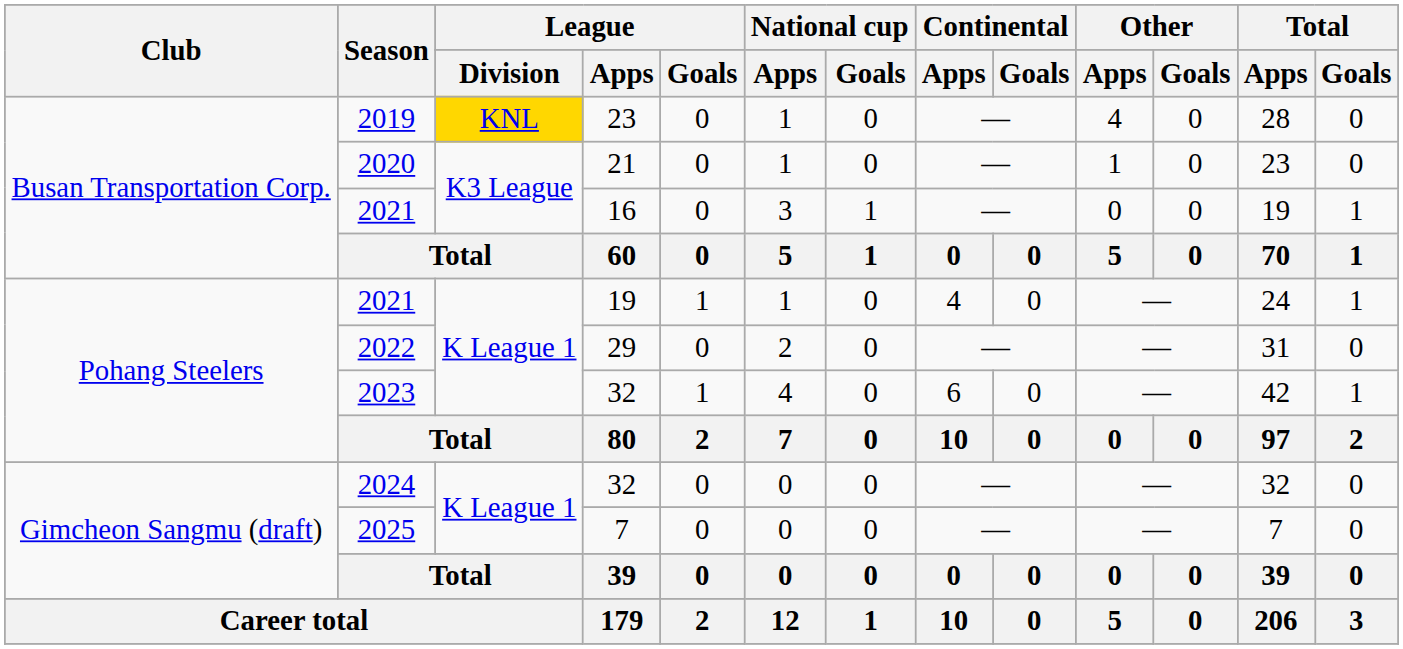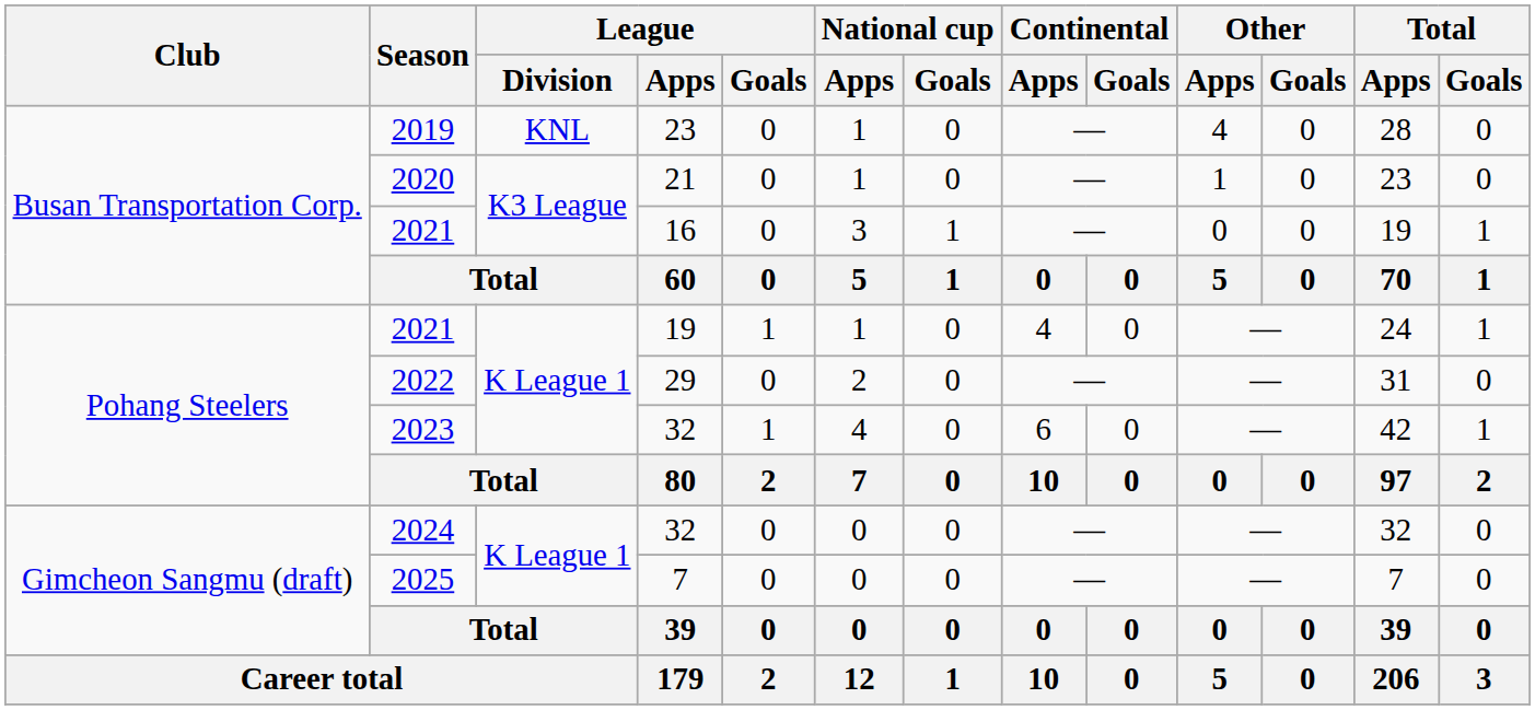 <table class="wikitable" style="text-align: center">
 <tr>
 <th rowspan="2">Club</th>
 <th rowspan="2">Season</th>
 <th colspan="3">League</th>
 <th colspan="2">National cup</th>
 <th colspan="2">Continental</th>
 <th colspan="2">Other</th>
 <th colspan="2">Total</th>
 </tr>
 <tr>
 <th>Division</th>
 <th>Apps</th>
 <th>Goals</th>
 <th>Apps</th>
 <th>Goals</th>
 <th>Apps</th>
 <th>Goals</th>
 <th>Apps</th>
 <th>Goals</th>
 <th>Apps</th>
 <th>Goals</th>
 </tr>
 <tr>
 <td rowspan="4"><a href='#'>Busan Transportation Corp.</a></td>
 <td><a href='#'>2019</a></td>
-<td style="background: gold;"><a href='#'>KNL</a></td>
+<td><a href='#'>KNL</a></td>
 <td>23</td>
 <td>0</td>
 <td>1</td>
 <td>0</td>
 <td colspan="2">—</td>
 <td>4</td>
 <td>0</td>
 <td>28</td>
 <td>0</td>
 </tr>
 <tr>
 <td><a href='#'>2020</a></td>
 <td rowspan="2"><a href='#'>K3 League</a></td>
 <td>21</td>
 <td>0</td>
 <td>1</td>
 <td>0</td>
 <td colspan="2">—</td>
 <td>1</td>
 <td>0</td>
 <td>23</td>
 <td>0</td>
 </tr>
 <tr>
 <td><a href='#'>2021</a></td>
 <td>16</td>
 <td>0</td>
 <td>3</td>
 <td>1</td>
 <td colspan="2">—</td>
 <td>0</td>
 <td>0</td>
 <td>19</td>
 <td>1</td>
 </tr>
 <tr>
 <th colspan=2>Total</th>
 <th>60</th>
 <th>0</th>
 <th>5</th>
 <th>1</th>
 <th>0</th>
 <th>0</th>
 <th>5</th>
 <th>0</th>
 <th>70</th>
 <th>1</th>
 </tr>
 <tr>
 <td rowspan="4"><a href='#'>Pohang Steelers</a></td>
 <td><a href='#'>2021</a></td>
 <td rowspan="3"><a href='#'>K League 1</a></td>
 <td>19</td>
 <td>1</td>
 <td>1</td>
 <td>0</td>
 <td>4</td>
 <td>0</td>
 <td colspan="2">—</td>
 <td>24</td>
 <td>1</td>
 </tr>
 <tr>
 <td><a href='#'>2022</a></td>
 <td>29</td>
 <td>0</td>
 <td>2</td>
 <td>0</td>
 <td colspan="2">—</td>
 <td colspan="2">—</td>
 <td>31</td>
 <td>0</td>
 </tr>
 <tr>
 <td><a href='#'>2023</a></td>
 <td>32</td>
 <td>1</td>
 <td>4</td>
 <td>0</td>
 <td>6</td>
 <td>0</td>
 <td colspan="2">—</td>
 <td>42</td>
 <td>1</td>
 </tr>
 <tr>
 <th colspan=2>Total</th>
 <th>80</th>
 <th>2</th>
 <th>7</th>
 <th>0</th>
 <th>10</th>
 <th>0</th>
 <th>0</th>
 <th>0</th>
 <th>97</th>
 <th>2</th>
 </tr>
 <tr>
 <td rowspan="3"><a href='#'>Gimcheon Sangmu</a> (<a href='#'>draft</a>)</td>
 <td><a href='#'>2024</a></td>
 <td rowspan="2"><a href='#'>K League 1</a></td>
 <td>32</td>
 <td>0</td>
 <td>0</td>
 <td>0</td>
 <td colspan="2">—</td>
 <td colspan="2">—</td>
 <td>32</td>
 <td>0</td>
 </tr>
 <tr>
 <td><a href='#'>2025</a></td>
 <td>7</td>
 <td>0</td>
 <td>0</td>
 <td>0</td>
 <td colspan="2">—</td>
 <td colspan="2">—</td>
 <td>7</td>
 <td>0</td>
 </tr>
 <tr>
 <th colspan=2>Total</th>
 <th>39</th>
 <th>0</th>
 <th>0</th>
 <th>0</th>
 <th>0</th>
 <th>0</th>
 <th>0</th>
 <th>0</th>
 <th>39</th>
 <th>0</th>
 </tr>
 <tr>
 <th colspan=3>Career total</th>
 <th>179</th>
 <th>2</th>
 <th>12</th>
 <th>1</th>
 <th>10</th>
 <th>0</th>
 <th>5</th>
 <th>0</th>
 <th>206</th>
 <th>3</th>
 </tr>
 </table>
